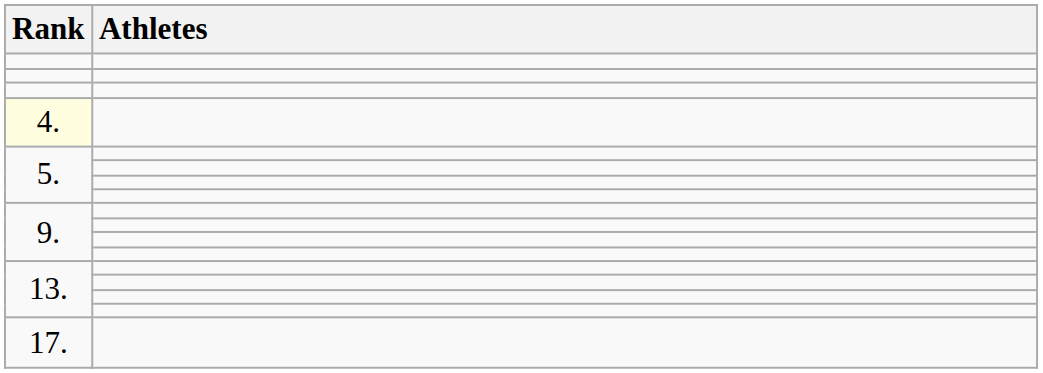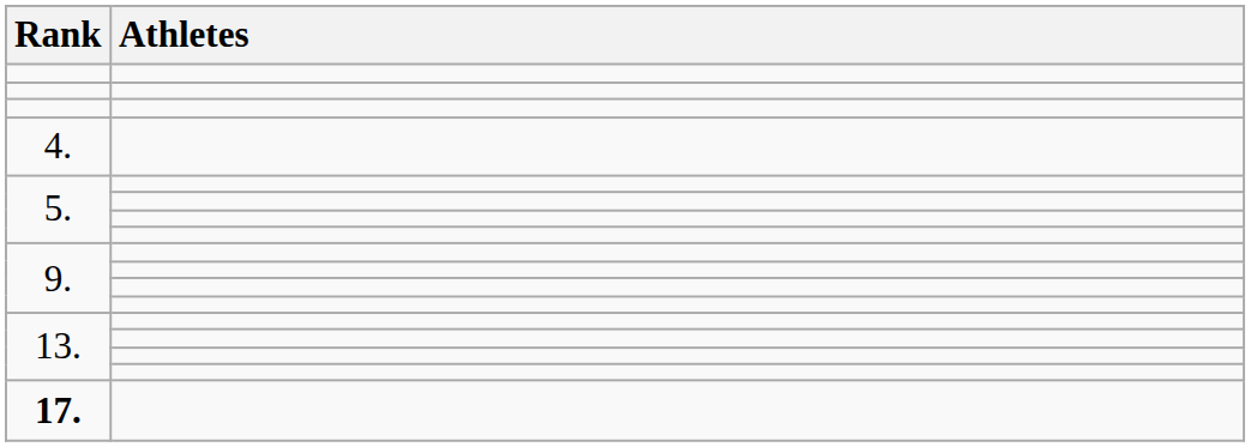 <table class="wikitable">
 <tr>
 <th>Rank</th>
 <th style="text-align: left; width: 30em;">Athletes</th>
 </tr>
 <tr>
 <td align="center"></td>
 <td></td>
 </tr>
 <tr>
 <td align="center"></td>
 <td></td>
 </tr>
 <tr>
 <td align="center"></td>
 <td></td>
 </tr>
 <tr>
-<td align="center" style="background: lightyellow;">4.</td>
+<td align="center">4.</td>
 <td></td>
 </tr>
 <tr>
 <td rowspan=4 align="center">5.</td>
 <td></td>
 </tr>
 <tr>
 <td></td>
 </tr>
 <tr>
 <td></td>
 </tr>
 <tr>
 <td></td>
 </tr>
 <tr>
 <td rowspan=4 align="center">9.</td>
 <td></td>
 </tr>
 <tr>
 <td></td>
 </tr>
 <tr>
 <td></td>
 </tr>
 <tr>
 <td></td>
 </tr>
 <tr>
 <td rowspan=4 align="center">13.</td>
 <td></td>
 </tr>
 <tr>
 <td></td>
 </tr>
 <tr>
 <td></td>
 </tr>
 <tr>
 <td></td>
 </tr>
 <tr>
-<td align="center">17.</td>
+<td align="center"><strong>17.</strong></td>
 <td></td>
 </tr>
 </table>
